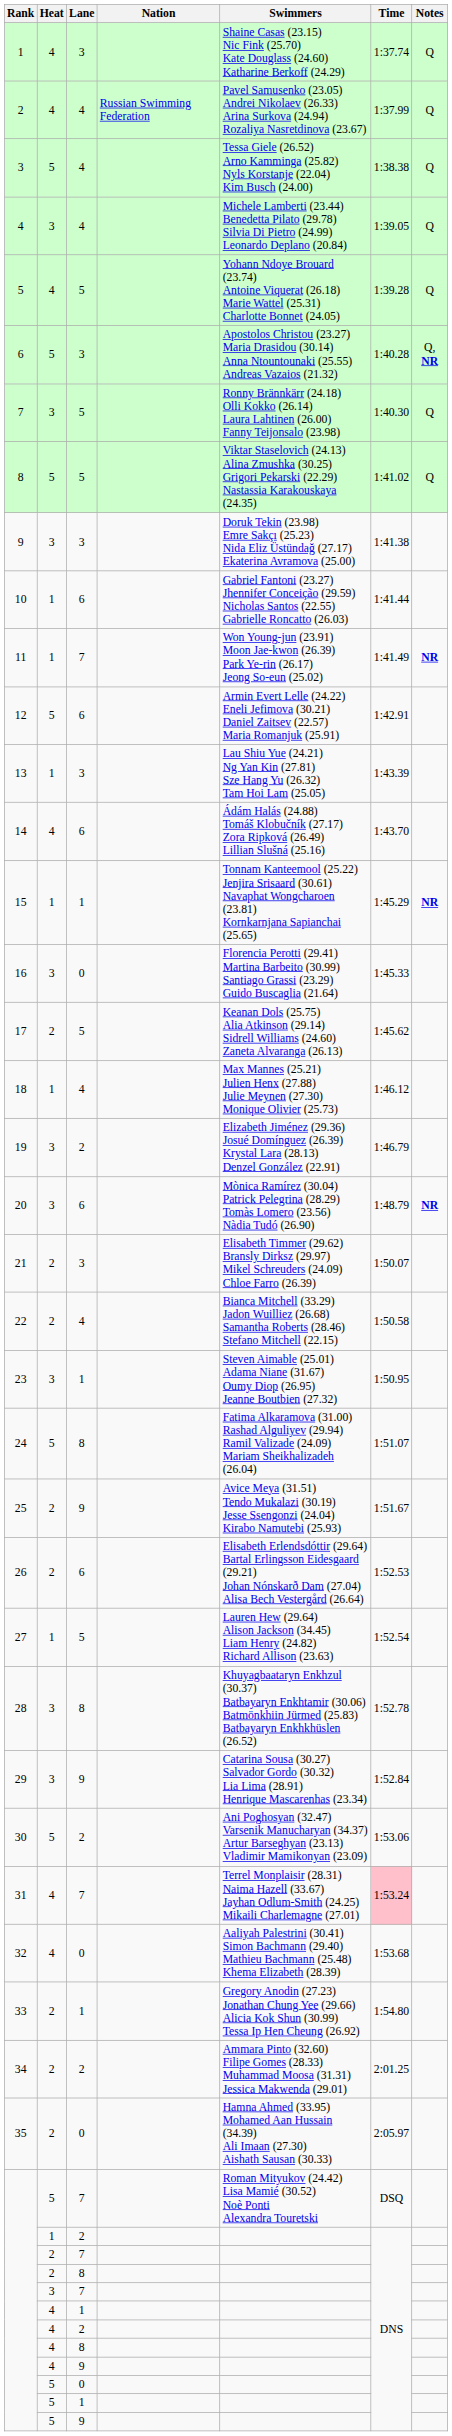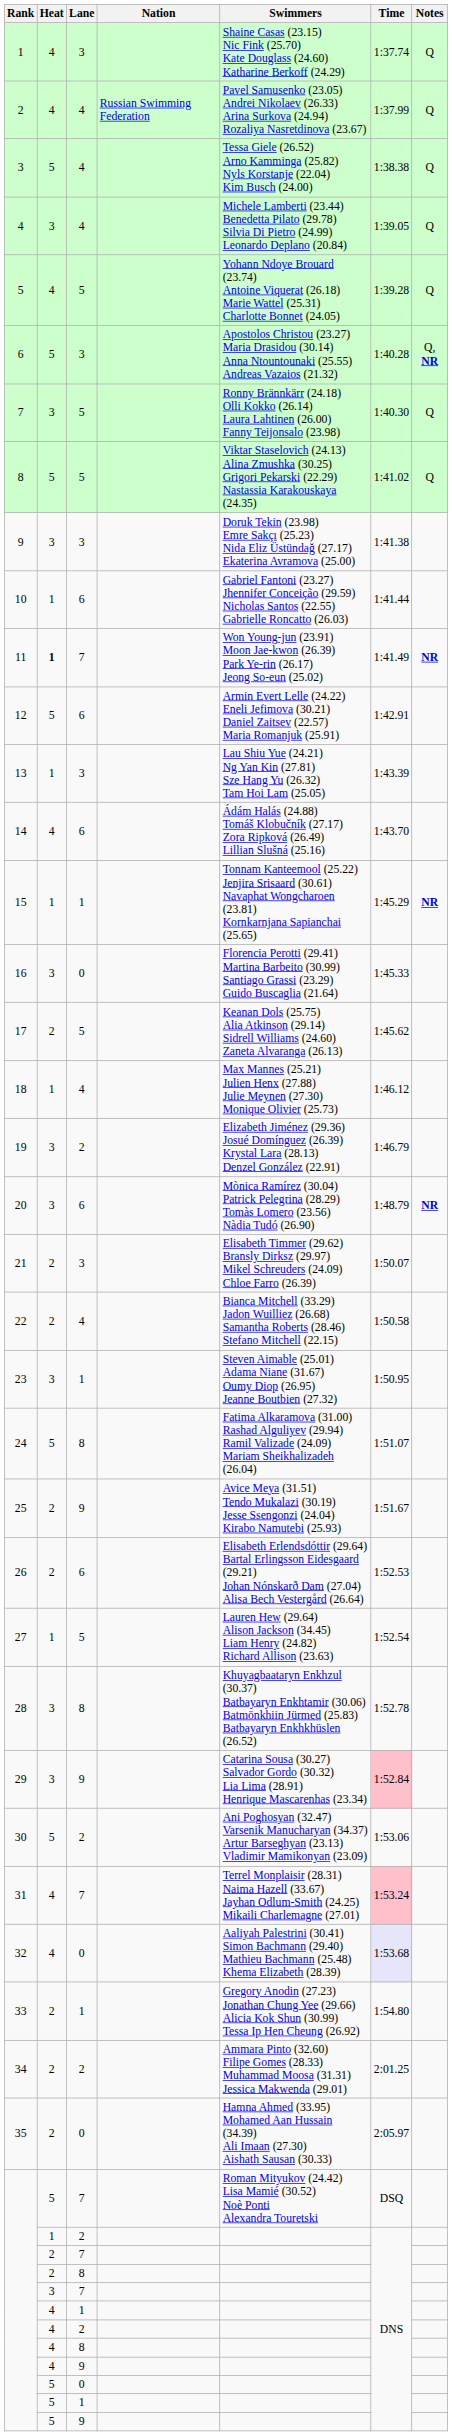 <table class="wikitable sortable" style="text-align:center">
 <tr>
 <th>Rank</th>
 <th>Heat</th>
 <th>Lane</th>
 <th>Nation</th>
 <th>Swimmers</th>
 <th>Time</th>
 <th>Notes</th>
 </tr>
 <tr bgcolor=ccffcc>
 <td>1</td>
 <td>4</td>
 <td>3</td>
 <td align=left></td>
 <td align=left><a href='#'>Shaine Casas</a> (23.15)<br><a href='#'>Nic Fink</a> (25.70)<br><a href='#'>Kate Douglass</a> (24.60)<br><a href='#'>Katharine Berkoff</a> (24.29)</td>
 <td>1:37.74</td>
 <td>Q</td>
 </tr>
 <tr bgcolor=ccffcc>
 <td>2</td>
 <td>4</td>
 <td>4</td>
 <td align=left><a href='#'>Russian Swimming Federation</a></td>
 <td align=left><a href='#'>Pavel Samusenko</a> (23.05)<br><a href='#'>Andrei Nikolaev</a> (26.33)<br><a href='#'>Arina Surkova</a> (24.94)<br><a href='#'>Rozaliya Nasretdinova</a> (23.67)</td>
 <td>1:37.99</td>
 <td>Q</td>
 </tr>
 <tr bgcolor=ccffcc>
 <td>3</td>
 <td>5</td>
 <td>4</td>
 <td align=left></td>
 <td align=left><a href='#'>Tessa Giele</a> (26.52)<br><a href='#'>Arno Kamminga</a> (25.82)<br><a href='#'>Nyls Korstanje</a> (22.04)<br><a href='#'>Kim Busch</a> (24.00)</td>
 <td>1:38.38</td>
 <td>Q</td>
 </tr>
 <tr bgcolor=ccffcc>
 <td>4</td>
 <td>3</td>
 <td>4</td>
 <td align=left></td>
 <td align=left><a href='#'>Michele Lamberti</a> (23.44)<br><a href='#'>Benedetta Pilato</a> (29.78)<br><a href='#'>Silvia Di Pietro</a> (24.99)<br><a href='#'>Leonardo Deplano</a> (20.84)</td>
 <td>1:39.05</td>
 <td>Q</td>
 </tr>
 <tr bgcolor=ccffcc>
 <td>5</td>
 <td>4</td>
 <td>5</td>
 <td align=left></td>
 <td align=left><a href='#'>Yohann Ndoye Brouard</a> (23.74)<br><a href='#'>Antoine Viquerat</a> (26.18)<br><a href='#'>Marie Wattel</a> (25.31)<br><a href='#'>Charlotte Bonnet</a> (24.05)</td>
 <td>1:39.28</td>
 <td>Q</td>
 </tr>
 <tr bgcolor=ccffcc>
 <td>6</td>
 <td>5</td>
 <td>3</td>
 <td align=left></td>
 <td align=left><a href='#'>Apostolos Christou</a> (23.27)<br><a href='#'>Maria Drasidou</a> (30.14)<br><a href='#'>Anna Ntountounaki</a> (25.55)<br><a href='#'>Andreas Vazaios</a> (21.32)</td>
 <td>1:40.28</td>
 <td>Q, <strong><a href='#'>NR</a></strong></td>
 </tr>
 <tr bgcolor=ccffcc>
 <td>7</td>
 <td>3</td>
 <td>5</td>
 <td align=left></td>
 <td align=left><a href='#'>Ronny Brännkärr</a> (24.18)<br><a href='#'>Olli Kokko</a> (26.14)<br><a href='#'>Laura Lahtinen</a> (26.00)<br><a href='#'>Fanny Teijonsalo</a> (23.98)</td>
 <td>1:40.30</td>
 <td>Q</td>
 </tr>
 <tr bgcolor=ccffcc>
 <td>8</td>
 <td>5</td>
 <td>5</td>
 <td align=left></td>
 <td align=left><a href='#'>Viktar Staselovich</a> (24.13)<br><a href='#'>Alina Zmushka</a> (30.25)<br><a href='#'>Grigori Pekarski</a> (22.29)<br><a href='#'>Nastassia Karakouskaya</a> (24.35)</td>
 <td>1:41.02</td>
 <td>Q</td>
 </tr>
 <tr>
 <td>9</td>
 <td>3</td>
 <td>3</td>
 <td align=left></td>
 <td align=left><a href='#'>Doruk Tekin</a> (23.98)<br><a href='#'>Emre Sakçı</a> (25.23)<br><a href='#'>Nida Eliz Üstündağ</a> (27.17)<br><a href='#'>Ekaterina Avramova</a> (25.00)</td>
 <td>1:41.38</td>
 <td></td>
 </tr>
 <tr>
 <td>10</td>
 <td>1</td>
 <td>6</td>
 <td align=left></td>
 <td align=left><a href='#'>Gabriel Fantoni</a> (23.27)<br><a href='#'>Jhennifer Conceição</a> (29.59)<br><a href='#'>Nicholas Santos</a> (22.55)<br><a href='#'>Gabrielle Roncatto</a> (26.03)</td>
 <td>1:41.44</td>
 <td></td>
 </tr>
 <tr>
 <td>11</td>
-<td>1</td>
+<td><strong>1</strong></td>
 <td>7</td>
 <td align=left></td>
 <td align=left><a href='#'>Won Young-jun</a> (23.91)<br><a href='#'>Moon Jae-kwon</a> (26.39)<br><a href='#'>Park Ye-rin</a> (26.17)<br><a href='#'>Jeong So-eun</a> (25.02)</td>
 <td>1:41.49</td>
 <td><strong><a href='#'>NR</a></strong></td>
 </tr>
 <tr>
 <td>12</td>
 <td>5</td>
 <td>6</td>
 <td align=left></td>
 <td align=left><a href='#'>Armin Evert Lelle</a> (24.22)<br><a href='#'>Eneli Jefimova</a> (30.21)<br><a href='#'>Daniel Zaitsev</a> (22.57)<br><a href='#'>Maria Romanjuk</a> (25.91)</td>
 <td>1:42.91</td>
 <td></td>
 </tr>
 <tr>
 <td>13</td>
 <td>1</td>
 <td>3</td>
 <td align=left></td>
 <td align=left><a href='#'>Lau Shiu Yue</a> (24.21)<br><a href='#'>Ng Yan Kin</a> (27.81)<br><a href='#'>Sze Hang Yu</a> (26.32)<br><a href='#'>Tam Hoi Lam</a> (25.05)</td>
 <td>1:43.39</td>
 <td></td>
 </tr>
 <tr>
 <td>14</td>
 <td>4</td>
 <td>6</td>
 <td align=left></td>
 <td align=left><a href='#'>Ádám Halás</a> (24.88)<br><a href='#'>Tomáš Klobučník</a> (27.17)<br><a href='#'>Zora Ripková</a> (26.49)<br><a href='#'>Lillian Slušná</a> (25.16)</td>
 <td>1:43.70</td>
 <td></td>
 </tr>
 <tr>
 <td>15</td>
 <td>1</td>
 <td>1</td>
 <td align=left></td>
 <td align=left><a href='#'>Tonnam Kanteemool</a> (25.22)<br><a href='#'>Jenjira Srisaard</a> (30.61)<br><a href='#'>Navaphat Wongcharoen</a> (23.81)<br><a href='#'>Kornkarnjana Sapianchai</a> (25.65)</td>
 <td>1:45.29</td>
 <td><strong><a href='#'>NR</a></strong></td>
 </tr>
 <tr>
 <td>16</td>
 <td>3</td>
 <td>0</td>
 <td align=left></td>
 <td align=left><a href='#'>Florencia Perotti</a> (29.41)<br><a href='#'>Martina Barbeito</a> (30.99)<br><a href='#'>Santiago Grassi</a> (23.29)<br><a href='#'>Guido Buscaglia</a> (21.64)</td>
 <td>1:45.33</td>
 <td></td>
 </tr>
 <tr>
 <td>17</td>
 <td>2</td>
 <td>5</td>
 <td align=left></td>
 <td align=left><a href='#'>Keanan Dols</a> (25.75)<br><a href='#'>Alia Atkinson</a> (29.14)<br><a href='#'>Sidrell Williams</a> (24.60)<br><a href='#'>Zaneta Alvaranga</a> (26.13)</td>
 <td>1:45.62</td>
 <td></td>
 </tr>
 <tr>
 <td>18</td>
 <td>1</td>
 <td>4</td>
 <td align=left></td>
 <td align=left><a href='#'>Max Mannes</a> (25.21)<br><a href='#'>Julien Henx</a> (27.88)<br><a href='#'>Julie Meynen</a> (27.30)<br><a href='#'>Monique Olivier</a> (25.73)</td>
 <td>1:46.12</td>
 <td></td>
 </tr>
 <tr>
 <td>19</td>
 <td>3</td>
 <td>2</td>
 <td align=left></td>
 <td align=left><a href='#'>Elizabeth Jiménez</a> (29.36)<br><a href='#'>Josué Domínguez</a> (26.39)<br><a href='#'>Krystal Lara</a> (28.13)<br><a href='#'>Denzel González</a> (22.91)</td>
 <td>1:46.79</td>
 <td></td>
 </tr>
 <tr>
 <td>20</td>
 <td>3</td>
 <td>6</td>
 <td align=left></td>
 <td align=left><a href='#'>Mònica Ramírez</a> (30.04)<br><a href='#'>Patrick Pelegrina</a> (28.29)<br><a href='#'>Tomàs Lomero</a> (23.56)<br><a href='#'>Nàdia Tudó</a> (26.90)</td>
 <td>1:48.79</td>
 <td><strong><a href='#'>NR</a></strong></td>
 </tr>
 <tr>
 <td>21</td>
 <td>2</td>
 <td>3</td>
 <td align=left></td>
 <td align=left><a href='#'>Elisabeth Timmer</a> (29.62)<br><a href='#'>Bransly Dirksz</a> (29.97)<br><a href='#'>Mikel Schreuders</a> (24.09)<br><a href='#'>Chloe Farro</a> (26.39)</td>
 <td>1:50.07</td>
 <td></td>
 </tr>
 <tr>
 <td>22</td>
 <td>2</td>
 <td>4</td>
 <td align=left></td>
 <td align=left><a href='#'>Bianca Mitchell</a> (33.29)<br><a href='#'>Jadon Wuilliez</a> (26.68)<br><a href='#'>Samantha Roberts</a> (28.46)<br><a href='#'>Stefano Mitchell</a> (22.15)</td>
 <td>1:50.58</td>
 <td></td>
 </tr>
 <tr>
 <td>23</td>
 <td>3</td>
 <td>1</td>
 <td align=left></td>
 <td align=left><a href='#'>Steven Aimable</a> (25.01)<br><a href='#'>Adama Niane</a> (31.67)<br><a href='#'>Oumy Diop</a> (26.95)<br><a href='#'>Jeanne Boutbien</a> (27.32)</td>
 <td>1:50.95</td>
 <td></td>
 </tr>
 <tr>
 <td>24</td>
 <td>5</td>
 <td>8</td>
 <td align=left></td>
 <td align=left><a href='#'>Fatima Alkaramova</a> (31.00)<br><a href='#'>Rashad Alguliyev</a> (29.94)<br><a href='#'>Ramil Valizade</a> (24.09)<br><a href='#'>Mariam Sheikhalizadeh</a> (26.04)</td>
 <td>1:51.07</td>
 <td></td>
 </tr>
 <tr>
 <td>25</td>
 <td>2</td>
 <td>9</td>
 <td align=left></td>
 <td align=left><a href='#'>Avice Meya</a> (31.51)<br><a href='#'>Tendo Mukalazi</a> (30.19)<br><a href='#'>Jesse Ssengonzi</a> (24.04)<br><a href='#'>Kirabo Namutebi</a> (25.93)</td>
 <td>1:51.67</td>
 <td></td>
 </tr>
 <tr>
 <td>26</td>
 <td>2</td>
 <td>6</td>
 <td align=left></td>
 <td align=left><a href='#'>Elisabeth Erlendsdóttir</a> (29.64)<br><a href='#'>Bartal Erlingsson Eidesgaard</a> (29.21)<br><a href='#'>Johan Nónskarð Dam</a> (27.04)<br><a href='#'>Alisa Bech Vestergård</a> (26.64)</td>
 <td>1:52.53</td>
 <td></td>
 </tr>
 <tr>
 <td>27</td>
 <td>1</td>
 <td>5</td>
 <td align=left></td>
 <td align=left><a href='#'>Lauren Hew</a> (29.64)<br><a href='#'>Alison Jackson</a> (34.45)<br><a href='#'>Liam Henry</a> (24.82)<br><a href='#'>Richard Allison</a> (23.63)</td>
 <td>1:52.54</td>
 <td></td>
 </tr>
 <tr>
 <td>28</td>
 <td>3</td>
 <td>8</td>
 <td align=left></td>
 <td align=left><a href='#'>Khuyagbaataryn Enkhzul</a> (30.37)<br><a href='#'>Batbayaryn Enkhtamir</a> (30.06)<br><a href='#'>Batmönkhiin Jürmed</a> (25.83)<br><a href='#'>Batbayaryn Enkhkhüslen</a> (26.52)</td>
 <td>1:52.78</td>
 <td></td>
 </tr>
 <tr>
 <td>29</td>
 <td>3</td>
 <td>9</td>
 <td align=left></td>
 <td align=left><a href='#'>Catarina Sousa</a> (30.27)<br><a href='#'>Salvador Gordo</a> (30.32)<br><a href='#'>Lia Lima</a> (28.91)<br><a href='#'>Henrique Mascarenhas</a> (23.34)</td>
-<td>1:52.84</td>
+<td style="background: pink;">1:52.84</td>
 <td></td>
 </tr>
 <tr>
 <td>30</td>
 <td>5</td>
 <td>2</td>
 <td align=left></td>
 <td align=left><a href='#'>Ani Poghosyan</a> (32.47)<br><a href='#'>Varsenik Manucharyan</a> (34.37)<br><a href='#'>Artur Barseghyan</a> (23.13)<br><a href='#'>Vladimir Mamikonyan</a> (23.09)</td>
 <td>1:53.06</td>
 <td></td>
 </tr>
 <tr>
 <td>31</td>
 <td>4</td>
 <td>7</td>
 <td align=left></td>
 <td align=left><a href='#'>Terrel Monplaisir</a> (28.31)<br><a href='#'>Naima Hazell</a> (33.67)<br><a href='#'>Jayhan Odlum-Smith</a> (24.25)<br><a href='#'>Mikaili Charlemagne</a> (27.01)</td>
 <td style="background: pink;">1:53.24</td>
 <td></td>
 </tr>
 <tr>
 <td>32</td>
 <td>4</td>
 <td>0</td>
 <td align=left></td>
 <td align=left><a href='#'>Aaliyah Palestrini</a> (30.41)<br><a href='#'>Simon Bachmann</a> (29.40)<br><a href='#'>Mathieu Bachmann</a> (25.48)<br><a href='#'>Khema Elizabeth</a> (28.39)</td>
-<td>1:53.68</td>
+<td style="background: lavender;">1:53.68</td>
 <td></td>
 </tr>
 <tr>
 <td>33</td>
 <td>2</td>
 <td>1</td>
 <td align=left></td>
 <td align=left><a href='#'>Gregory Anodin</a> (27.23)<br><a href='#'>Jonathan Chung Yee</a> (29.66)<br><a href='#'>Alicia Kok Shun</a> (30.99)<br><a href='#'>Tessa Ip Hen Cheung</a> (26.92)</td>
 <td>1:54.80</td>
 <td></td>
 </tr>
 <tr>
 <td>34</td>
 <td>2</td>
 <td>2</td>
 <td align=left></td>
 <td align=left><a href='#'>Ammara Pinto</a> (32.60)<br><a href='#'>Filipe Gomes</a> (28.33)<br><a href='#'>Muhammad Moosa</a> (31.31)<br><a href='#'>Jessica Makwenda</a> (29.01)</td>
 <td>2:01.25</td>
 <td></td>
 </tr>
 <tr>
 <td>35</td>
 <td>2</td>
 <td>0</td>
 <td align=left></td>
 <td align=left><a href='#'>Hamna Ahmed</a> (33.95)<br><a href='#'>Mohamed Aan Hussain</a> (34.39)<br><a href='#'>Ali Imaan</a> (27.30)<br><a href='#'>Aishath Sausan</a> (30.33)</td>
 <td>2:05.97</td>
 <td></td>
 </tr>
 <tr>
 <td rowspan=12></td>
 <td>5</td>
 <td>7</td>
 <td align=left></td>
 <td align=left><a href='#'>Roman Mityukov</a> (24.42)<br><a href='#'>Lisa Mamié</a> (30.52)<br><a href='#'>Noè Ponti</a><br><a href='#'>Alexandra Touretski</a></td>
 <td>DSQ</td>
 <td></td>
 </tr>
 <tr>
 <td>1</td>
 <td>2</td>
 <td align=left></td>
 <td align=left></td>
 <td rowspan=11>DNS</td>
 <td></td>
 </tr>
 <tr>
 <td>2</td>
 <td>7</td>
 <td align=left></td>
 <td align=left></td>
 <td></td>
 </tr>
 <tr>
 <td>2</td>
 <td>8</td>
 <td align=left></td>
 <td align=left></td>
 <td></td>
 </tr>
 <tr>
 <td>3</td>
 <td>7</td>
 <td align=left></td>
 <td align=left></td>
 <td></td>
 </tr>
 <tr>
 <td>4</td>
 <td>1</td>
 <td align=left></td>
 <td align=left></td>
 <td></td>
 </tr>
 <tr>
 <td>4</td>
 <td>2</td>
 <td align=left></td>
 <td align=left></td>
 <td></td>
 </tr>
 <tr>
 <td>4</td>
 <td>8</td>
 <td align=left></td>
 <td align=left></td>
 <td></td>
 </tr>
 <tr>
 <td>4</td>
 <td>9</td>
 <td align=left></td>
 <td align=left></td>
 <td></td>
 </tr>
 <tr>
 <td>5</td>
 <td>0</td>
 <td align=left></td>
 <td align=left></td>
 <td></td>
 </tr>
 <tr>
 <td>5</td>
 <td>1</td>
 <td align=left></td>
 <td align=left></td>
 <td></td>
 </tr>
 <tr>
 <td>5</td>
 <td>9</td>
 <td align=left></td>
 <td align=left></td>
 <td></td>
 </tr>
 </table>
